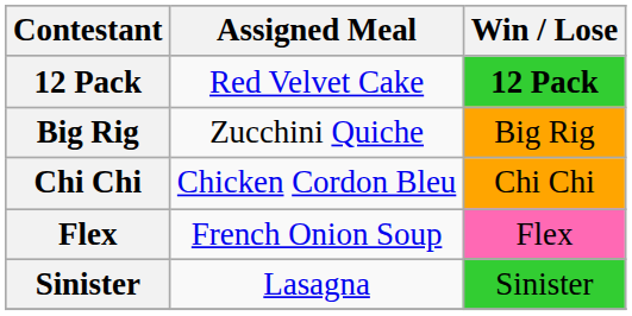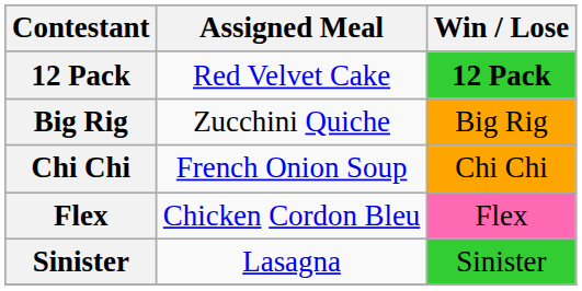 <table class="wikitable" style="text-align:center">
 <tr>
 <th>Contestant</th>
 <th>Assigned Meal</th>
 <th>Win / Lose</th>
 </tr>
 <tr>
 <th>12 Pack</th>
 <td><a href='#'>Red Velvet Cake</a></td>
 <td bgcolor="limegreen"><strong>12 Pack</strong></td>
 </tr>
 <tr>
 <th>Big Rig</th>
 <td>Zucchini <a href='#'>Quiche</a></td>
 <td bgcolor="orange">Big Rig</td>
 </tr>
 <tr>
 <th>Chi Chi</th>
-<td><a href='#'>Chicken</a> <a href='#'>Cordon Bleu</a></td>
+<td><a href='#'>French Onion Soup</a></td>
 <td bgcolor="orange">Chi Chi</td>
 </tr>
 <tr>
 <th>Flex</th>
-<td><a href='#'>French Onion Soup</a></td>
+<td><a href='#'>Chicken</a> <a href='#'>Cordon Bleu</a></td>
 <td bgcolor="hotpink">Flex</td>
 </tr>
 <tr>
 <th>Sinister</th>
 <td><a href='#'>Lasagna</a></td>
 <td bgcolor="limegreen">Sinister</td>
 </tr>
 <tr>
 </tr>
 </table>
